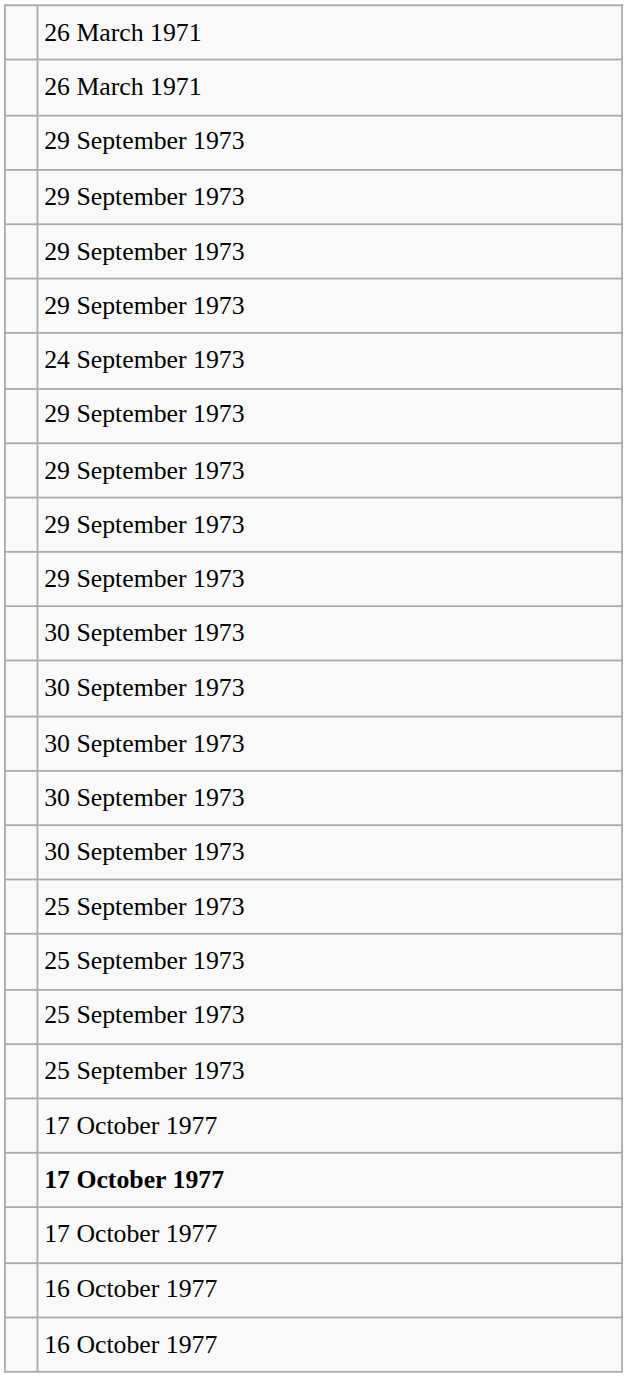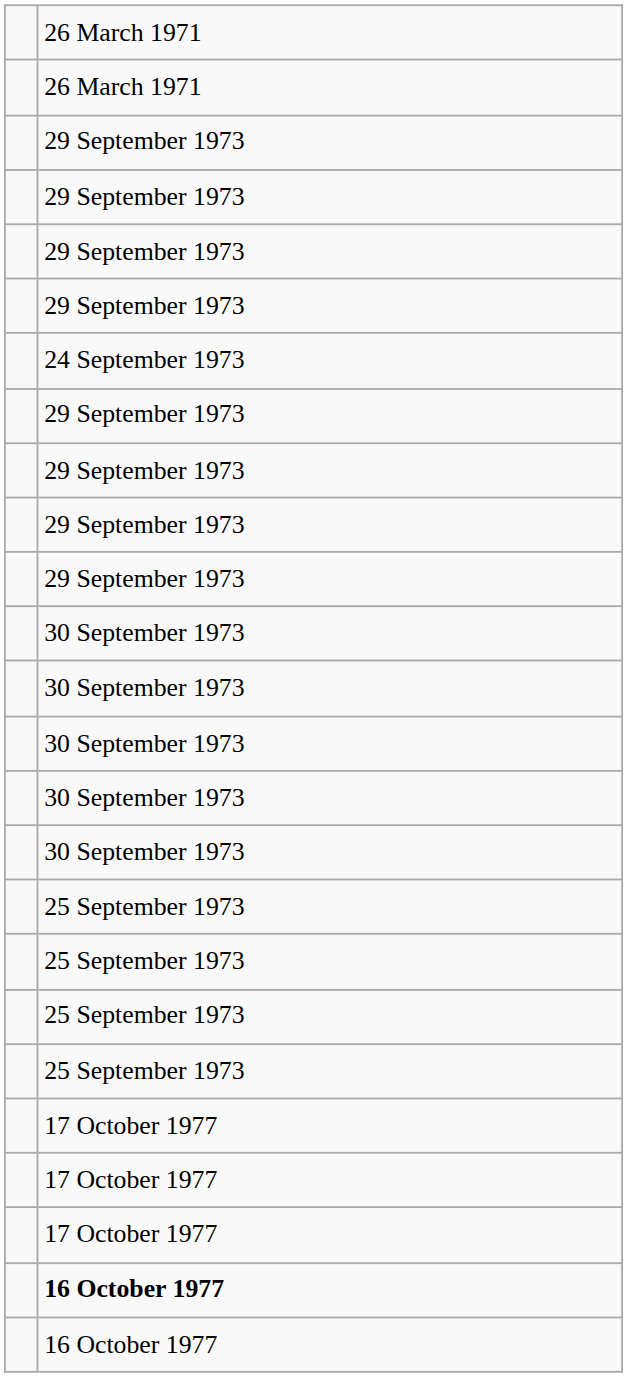 <table class="wikitable" style="font-size: 89%; float: left; width: 24em; margin-right: 1em; line-height: 1.65em">
 <tr>
 <td></td>
 <td>26 March 1971</td>
 </tr>
 <tr>
 <td></td>
 <td>26 March 1971</td>
 </tr>
 <tr>
 <td></td>
 <td>29 September 1973</td>
 </tr>
 <tr>
 <td></td>
 <td>29 September 1973</td>
 </tr>
 <tr>
 <td></td>
 <td>29 September 1973</td>
 </tr>
 <tr>
 <td></td>
 <td>29 September 1973</td>
 </tr>
 <tr>
 <td></td>
 <td>24 September 1973</td>
 </tr>
 <tr>
 <td></td>
 <td>29 September 1973</td>
 </tr>
 <tr>
 <td></td>
 <td>29 September 1973</td>
 </tr>
 <tr>
 <td></td>
 <td>29 September 1973</td>
 </tr>
 <tr>
 <td></td>
 <td>29 September 1973</td>
 </tr>
 <tr>
 <td></td>
 <td>30 September 1973</td>
 </tr>
 <tr>
 <td></td>
 <td>30 September 1973</td>
 </tr>
 <tr>
 <td></td>
 <td>30 September 1973</td>
 </tr>
 <tr>
 <td></td>
 <td>30 September 1973</td>
 </tr>
 <tr>
 <td></td>
 <td>30 September 1973</td>
 </tr>
 <tr>
 <td></td>
 <td>25 September 1973</td>
 </tr>
 <tr>
 <td></td>
 <td>25 September 1973</td>
 </tr>
 <tr>
 <td></td>
 <td>25 September 1973</td>
 </tr>
 <tr>
 <td></td>
 <td>25 September 1973</td>
 </tr>
 <tr>
 <td></td>
 <td>17 October 1977</td>
 </tr>
 <tr>
 <td></td>
-<td><strong>17 October 1977</strong></td>
+<td>17 October 1977</td>
 </tr>
 <tr>
 <td></td>
 <td>17 October 1977</td>
 </tr>
 <tr>
 <td></td>
-<td>16 October 1977</td>
+<td><strong>16 October 1977</strong></td>
 </tr>
 <tr>
 <td></td>
 <td>16 October 1977</td>
 </tr>
 </table>
